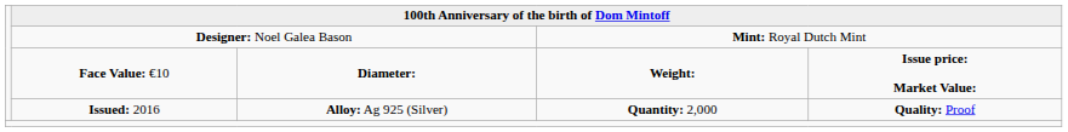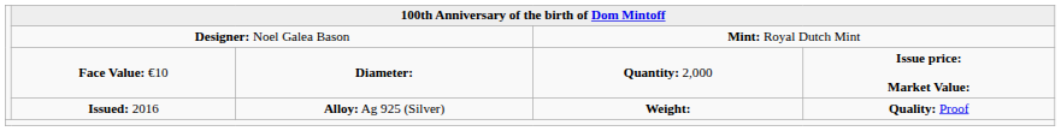 <table class="wikitable" width=100%>
 <tr>
 <td rowspan=4 width="330px" nowrap align=center></td>
 <th colspan="4" align=center style="background:#eeeeee;">100th Anniversary of the birth of <a href='#'>Dom Mintoff</a></th>
 </tr>
 <tr>
 <td colspan="2" width="50%" align=center><strong>Designer:</strong> Noel Galea Bason</td>
 <td colspan="2" width="50%" align=center><strong>Mint:</strong> Royal Dutch Mint</td>
 </tr>
 <tr>
 <td align=center><strong>Face Value:</strong> €10</td>
 <td align=center><strong>Diameter:</strong> </td>
-<td align=center><strong>Weight:</strong> </td>
+<td align=center><strong>Quantity:</strong> 2,000</td>
 <td align=center><strong>Issue price:</strong><br><br> <strong>Market Value:</strong></td>
 </tr>
 <tr>
 <td align=center><strong>Issued:</strong> 2016</td>
 <td align=center><strong>Alloy:</strong> Ag 925 (Silver)</td>
-<td align=center><strong>Quantity:</strong> 2,000</td>
+<td align=center><strong>Weight:</strong> </td>
 <td align=center><strong>Quality:</strong> <a href='#'>Proof</a></td>
 </tr>
 <tr>
 <td colspan="5" align=left></td>
 </tr>
 </table>
